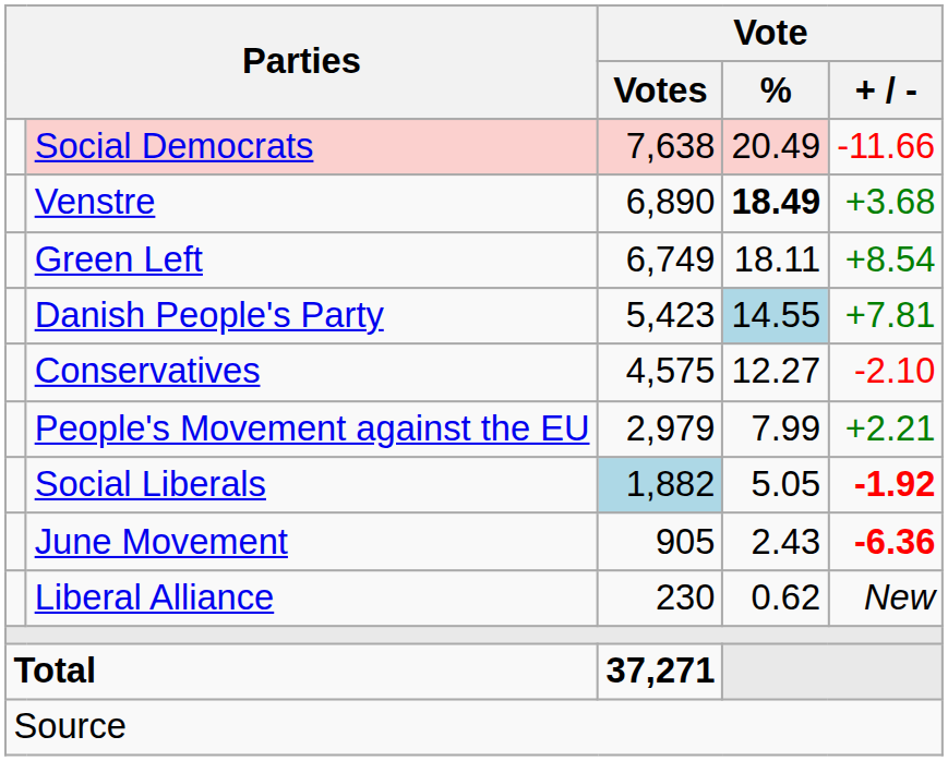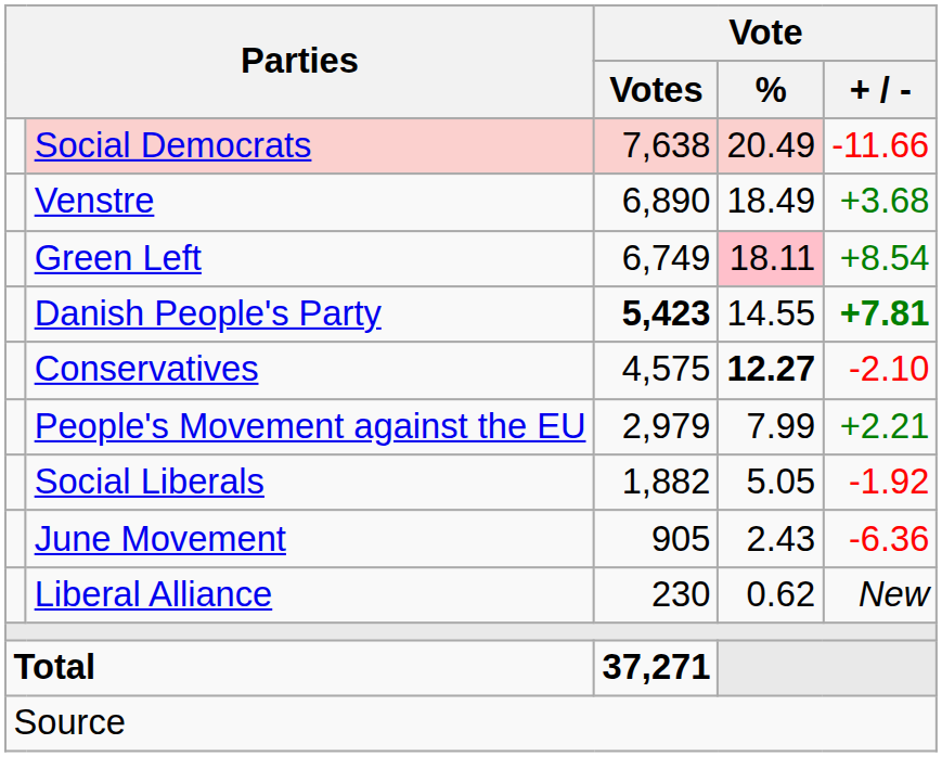 <table class="wikitable" style="text-align:right;">
 <tr>
 <th style="text-align:centre;" rowspan="2" colspan="2" width="225">Parties</th>
 <th colspan="3">Vote</th>
 </tr>
 <tr>
 <th width="15">Votes</th>
 <th width="15">%</th>
 <th width="15">+ / -</th>
 </tr>
 <tr>
 <td width="2" style="color:inherit;background:"></td>
 <td bgcolor=#fbd0ce   align="left"><a href='#'>Social Democrats</a></td>
 <td bgcolor=#fbd0ce>7,638</td>
 <td bgcolor=#fbd0ce>20.49</td>
 <td style=color:red;>-11.66</td>
 </tr>
 <tr>
 <td width="2" style="color:inherit;background:"></td>
 <td align="left"><a href='#'>Venstre</a></td>
 <td>6,890</td>
-<td><strong>18.49</strong></td>
+<td>18.49</td>
 <td style=color:green;>+3.68</td>
 </tr>
 <tr>
 <td width="2" style="color:inherit;background:"></td>
 <td align="left"><a href='#'>Green Left</a></td>
 <td>6,749</td>
-<td>18.11</td>
+<td style="background: pink;">18.11</td>
 <td style=color:green;>+8.54</td>
 </tr>
 <tr>
 <td width="2" style="color:inherit;background:"></td>
 <td align="left"><a href='#'>Danish People's Party</a></td>
-<td>5,423</td>
-<td style="background: lightblue;">14.55</td>
-<td style=color:green;>+7.81</td>
+<td><strong>5,423</strong></td>
+<td>14.55</td>
+<td style=color:green;><strong>+7.81</strong></td>
 </tr>
 <tr>
 <td width="2" style="color:inherit;background:"></td>
 <td align="left"><a href='#'>Conservatives</a></td>
 <td>4,575</td>
-<td>12.27</td>
+<td><strong>12.27</strong></td>
 <td style=color:red;>-2.10</td>
 </tr>
 <tr>
 <td width="2" style="color:inherit;background:"></td>
 <td align="left"><a href='#'>People's Movement against the EU</a></td>
 <td>2,979</td>
 <td>7.99</td>
 <td style=color:green;>+2.21</td>
 </tr>
 <tr>
 <td width="2" style="color:inherit;background:"></td>
 <td align="left"><a href='#'>Social Liberals</a></td>
-<td style="background: lightblue;">1,882</td>
+<td>1,882</td>
 <td>5.05</td>
-<td style=color:red;><strong>-1.92</strong></td>
+<td style=color:red;>-1.92</td>
 </tr>
 <tr>
 <td width="2" style="color:inherit;background:"></td>
 <td align="left"><a href='#'>June Movement</a></td>
 <td>905</td>
 <td>2.43</td>
-<td style=color:red;><strong>-6.36</strong></td>
+<td style=color:red;>-6.36</td>
 </tr>
 <tr>
 <td width="2" style="color:inherit;background:"></td>
 <td align="left"><a href='#'>Liberal Alliance</a></td>
 <td>230</td>
 <td>0.62</td>
 <td><em>New</em></td>
 </tr>
 <tr>
 <td colspan="7" bgcolor="#E9E9E9"></td>
 </tr>
 <tr>
 <td align="left" colspan="2"><strong>Total</strong></td>
 <td><strong>37,271</strong></td>
 <td bgcolor="#E9E9E9" colspan="2"></td>
 </tr>
 <tr>
 <td align="left" colspan="6">Source</td>
 </tr>
 </table>
